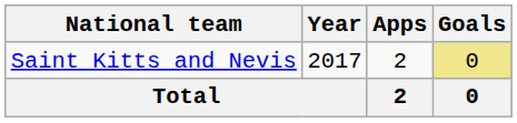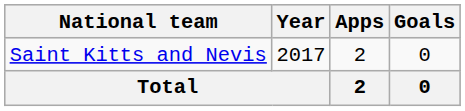 <table class="wikitable" style="text-align: center;">
 <tr>
 <th>National team</th>
 <th>Year</th>
 <th>Apps</th>
 <th>Goals</th>
 </tr>
 <tr>
 <td rowspan="1"><a href='#'>Saint Kitts and Nevis</a></td>
 <td>2017</td>
 <td>2</td>
-<td style="background: khaki;">0</td>
+<td>0</td>
 </tr>
 <tr>
 <th colspan=2>Total</th>
 <th>2</th>
 <th>0</th>
 </tr>
 </table>
